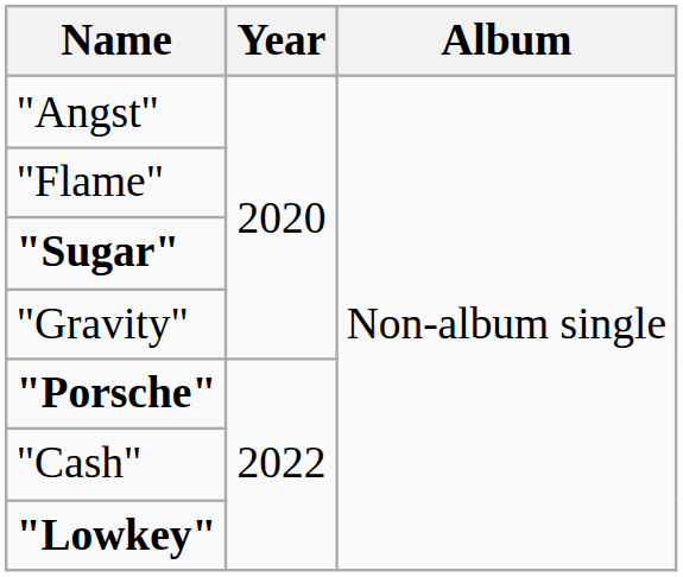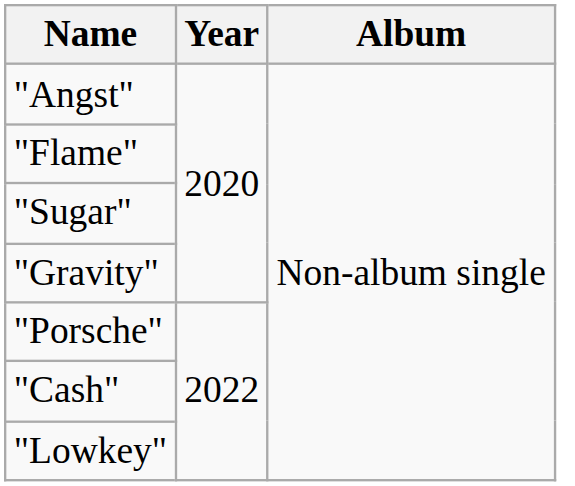 <table class ="wikitable sortable">
 <tr>
 <th>Name</th>
 <th>Year</th>
 <th>Album</th>
 </tr>
 <tr>
 <td>"Angst"</td>
 <td rowspan="4">2020</td>
 <td rowspan="7">Non-album single</td>
 </tr>
 <tr>
 <td>"Flame"</td>
 </tr>
 <tr>
-<td><strong>"Sugar"</strong></td>
+<td>"Sugar"</td>
 </tr>
 <tr>
 <td>"Gravity"</td>
 </tr>
 <tr>
-<td><strong>"Porsche"</strong></td>
+<td>"Porsche"</td>
 <td rowspan="3">2022</td>
 </tr>
 <tr>
 <td>"Cash"</td>
 </tr>
 <tr>
-<td><strong>"Lowkey"</strong></td>
+<td>"Lowkey"</td>
 </tr>
 </table>
